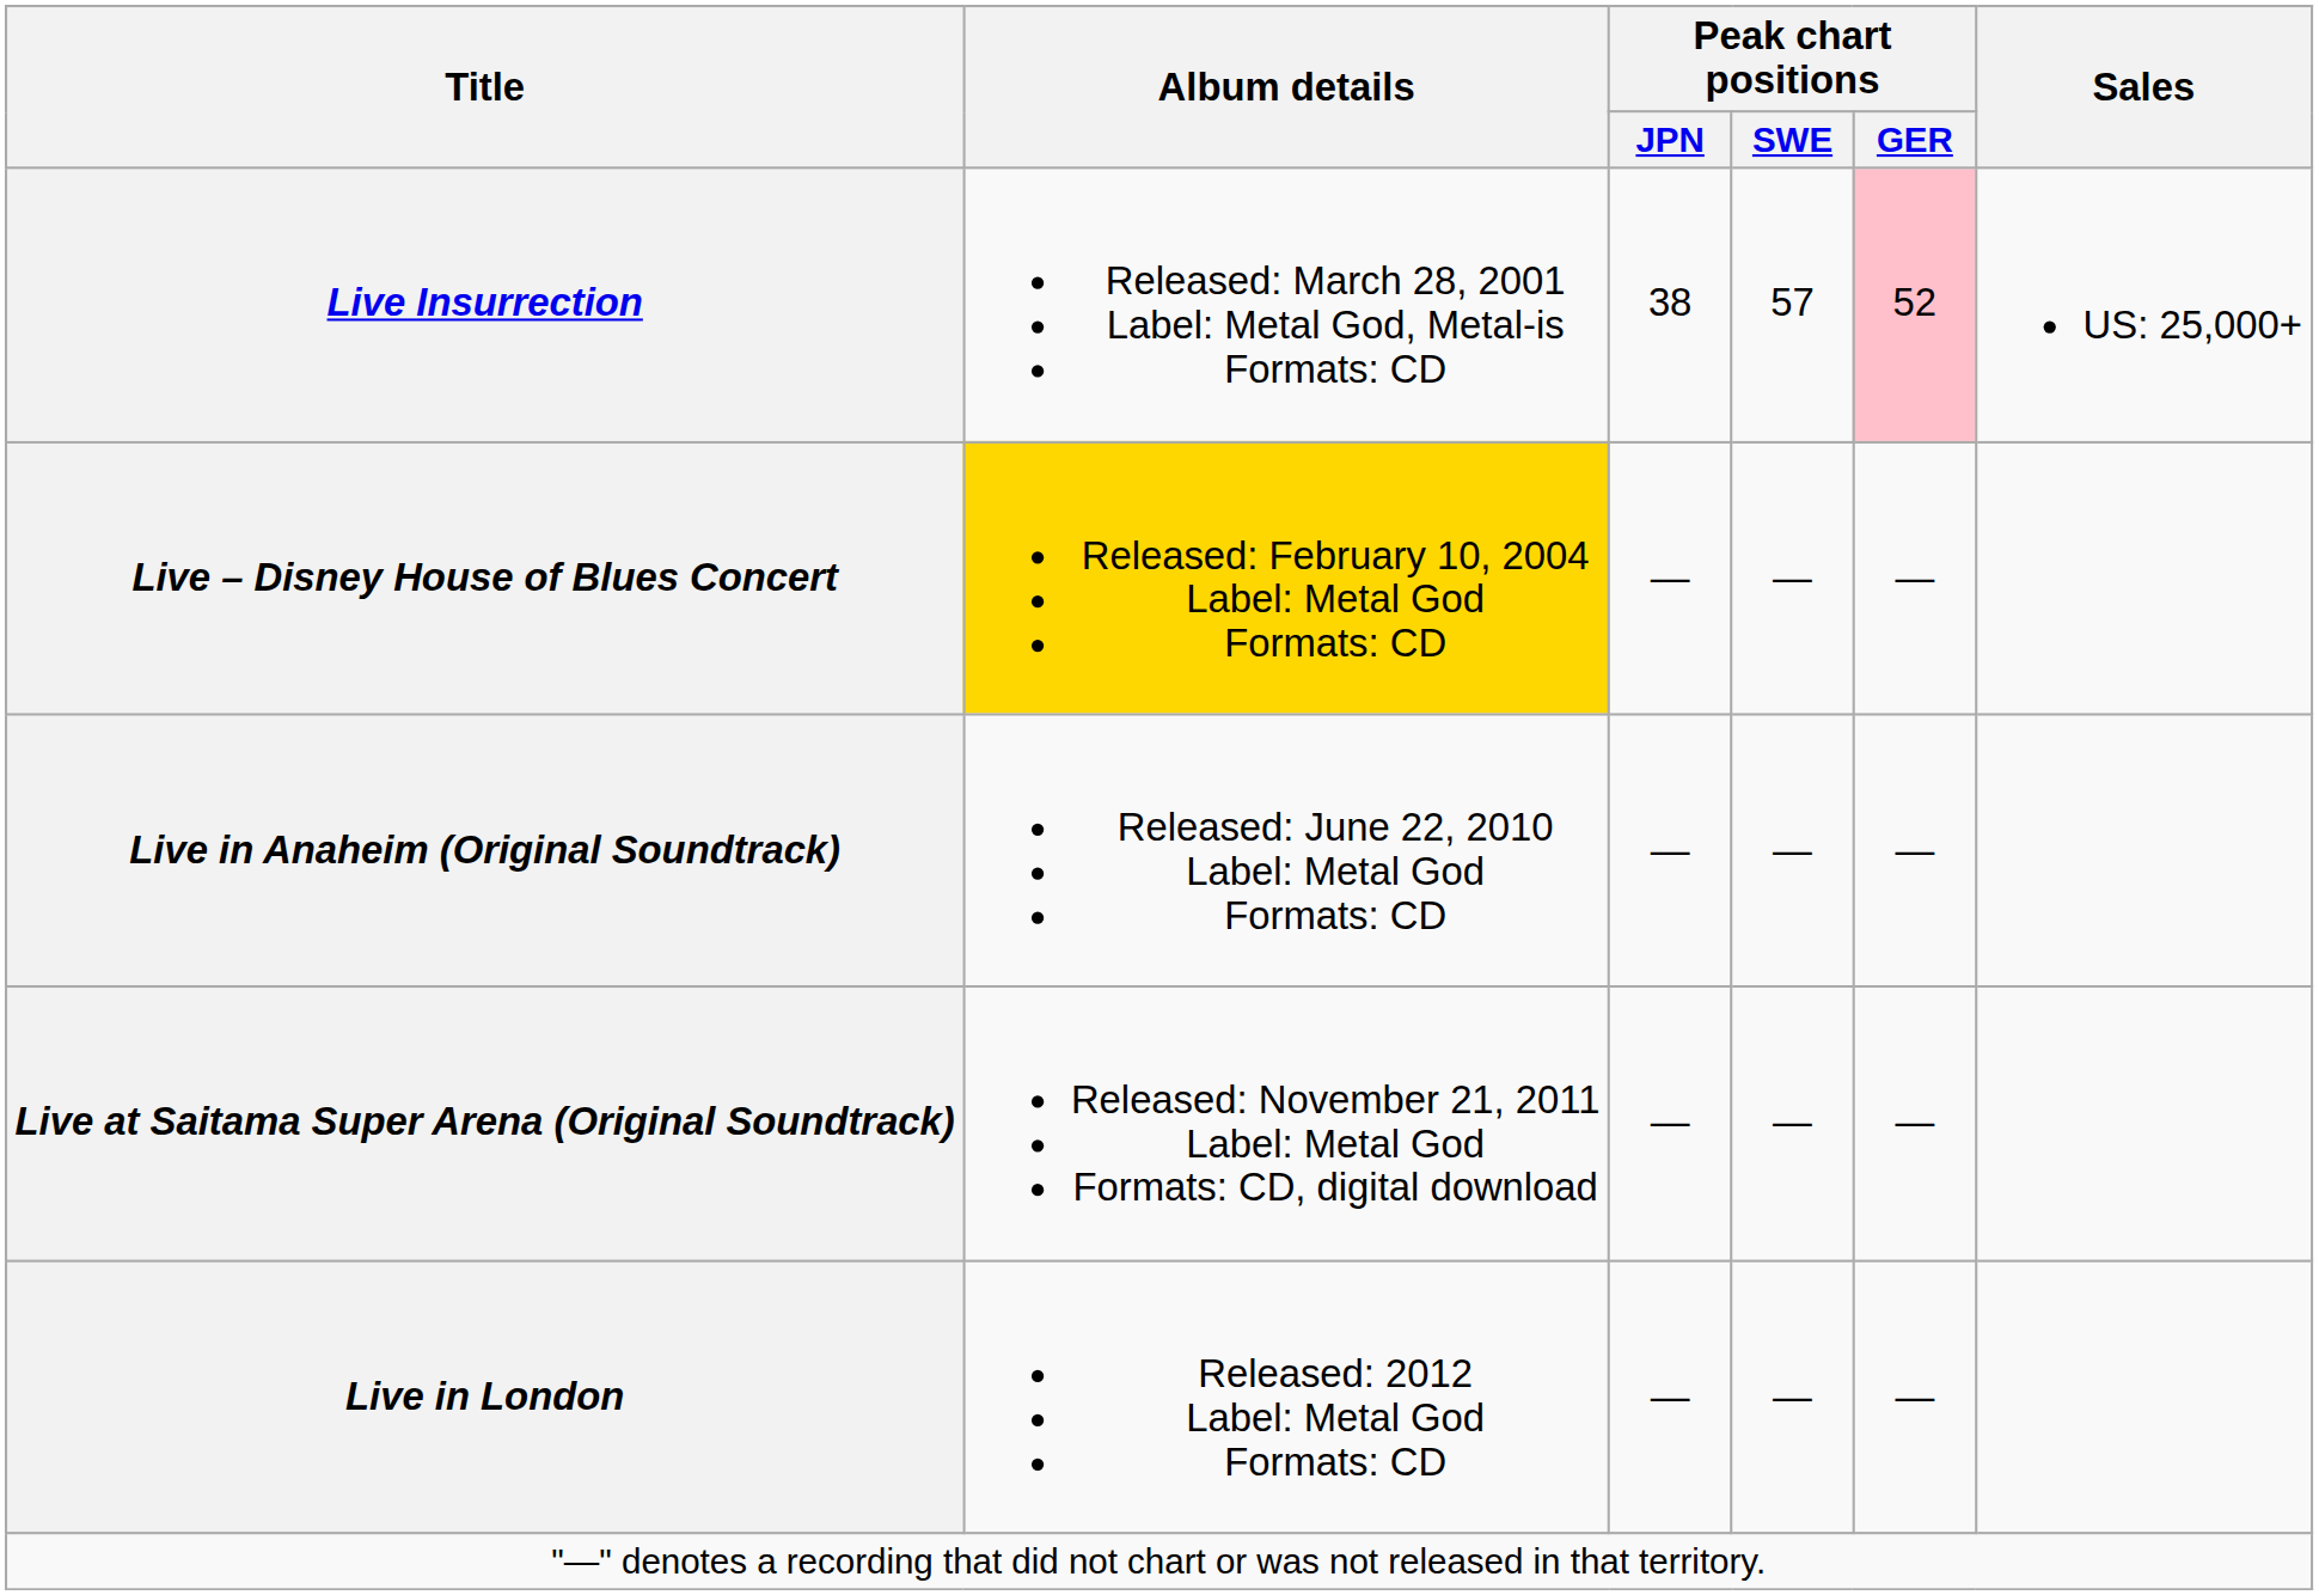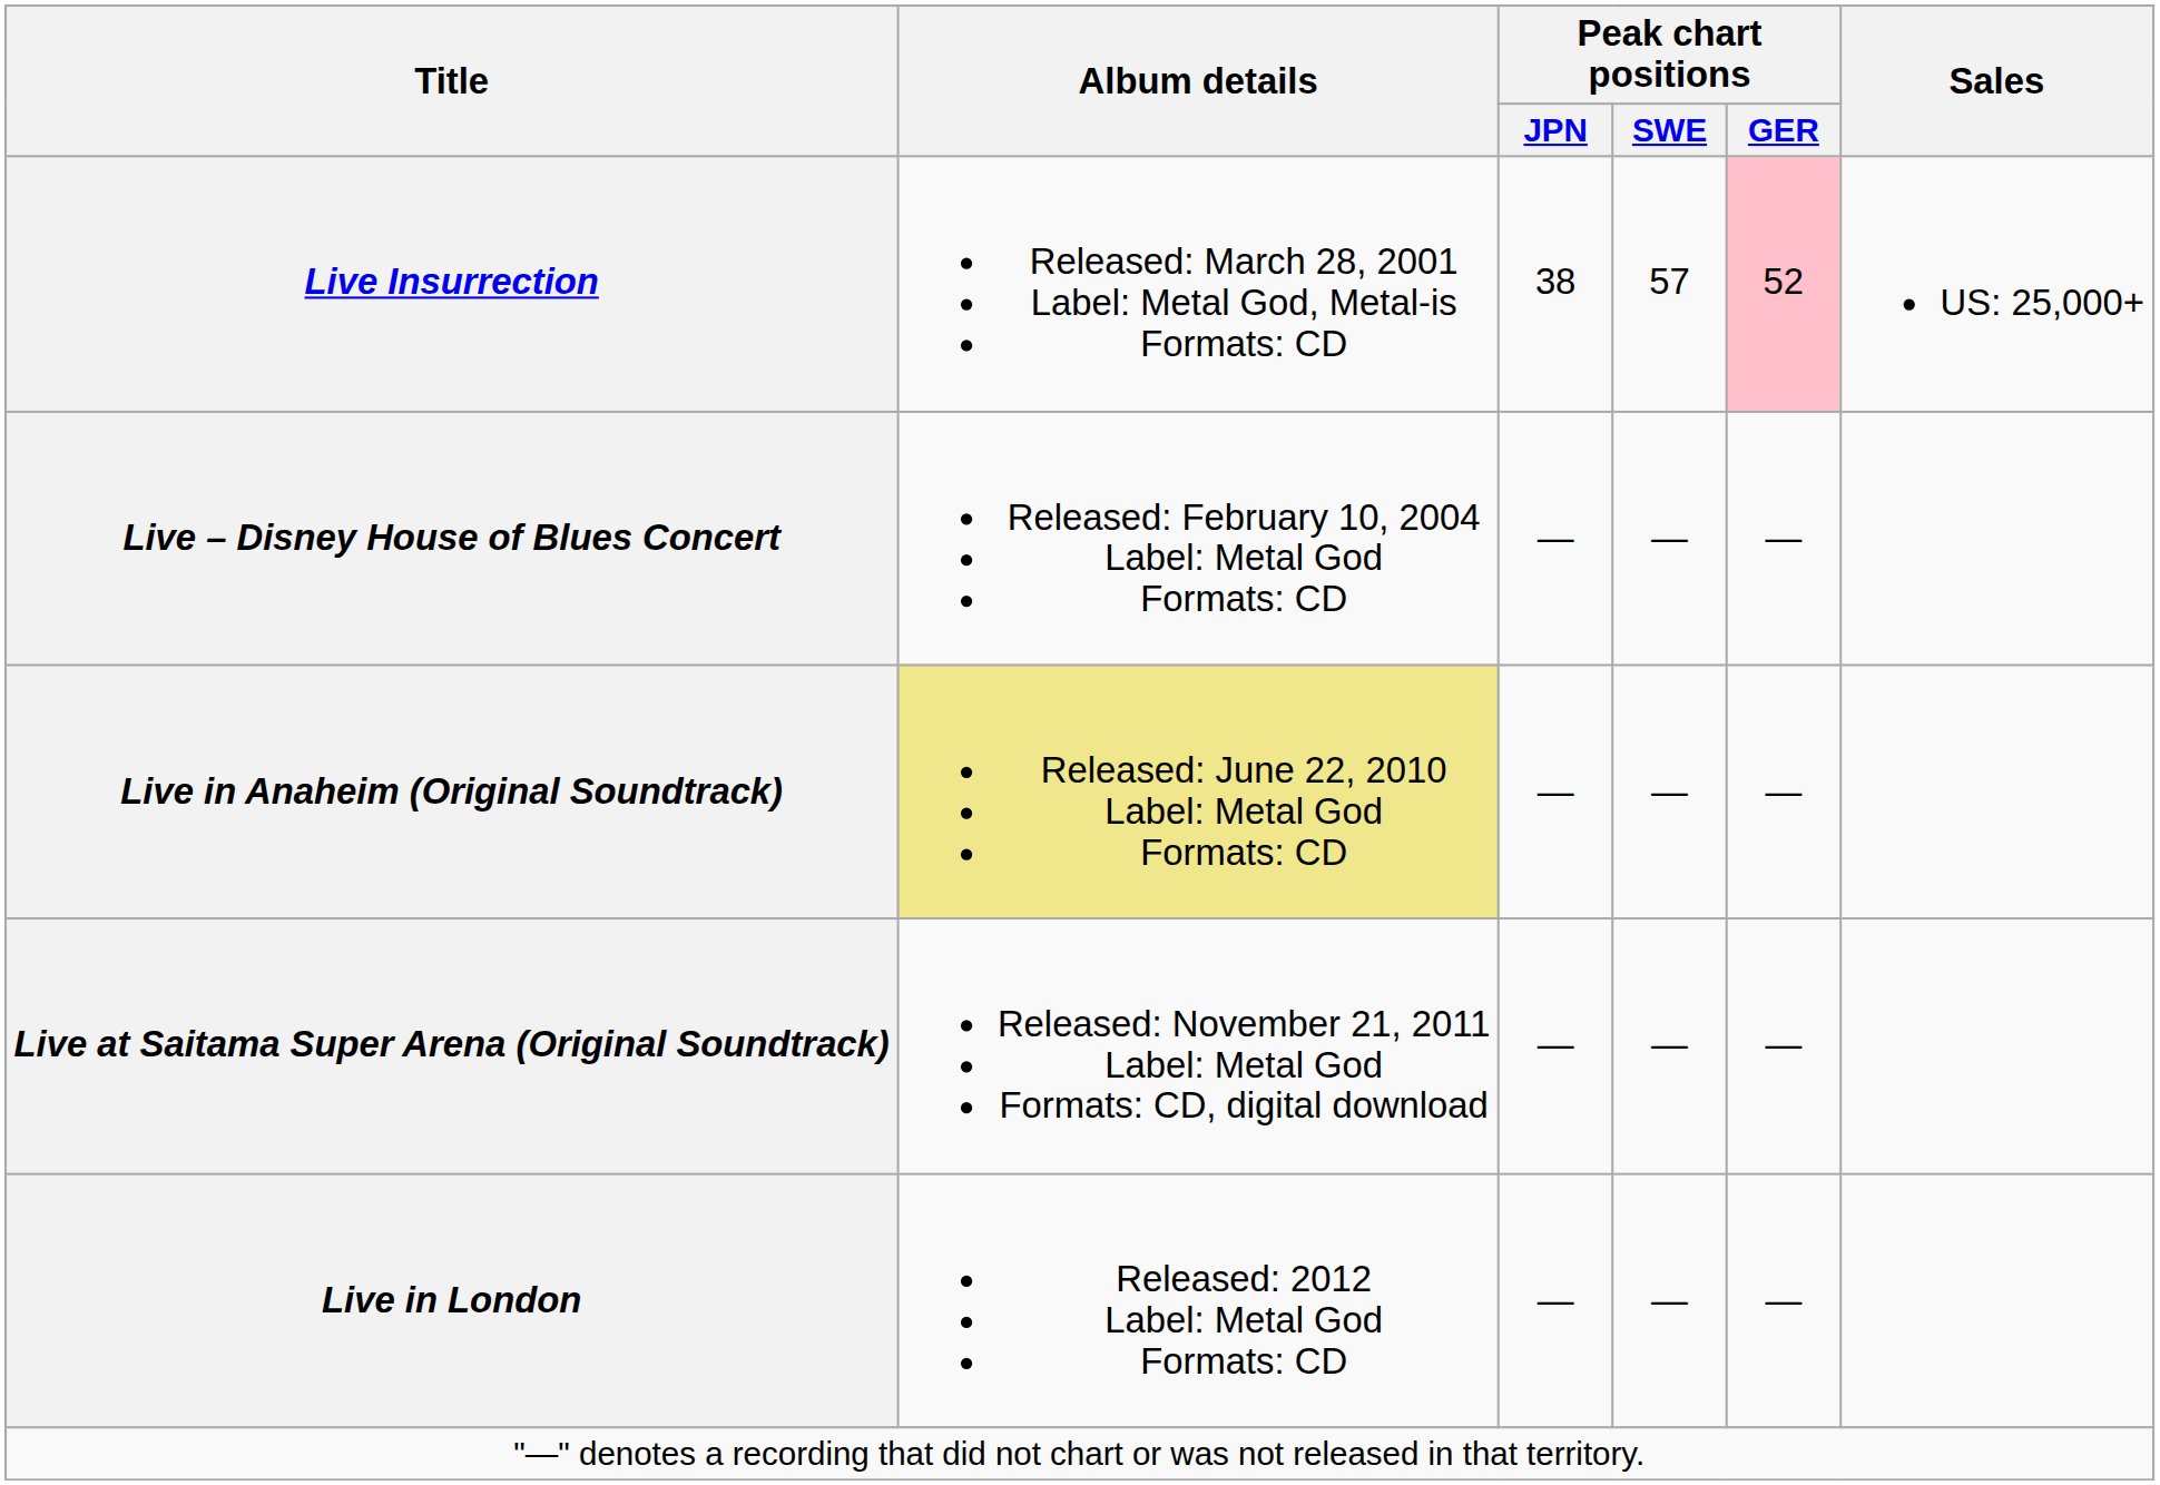 <table class="wikitable plainrowheaders" style="text-align:center;">
 <tr>
 <th scope="col" rowspan="2">Title</th>
 <th scope="col" rowspan="2">Album details</th>
 <th scope="col" colspan="3">Peak chart positions</th>
 <th scope="col" rowspan="2">Sales</th>
 </tr>
 <tr>
 <th scope="col" style="width:3em;font-size:90%;"><a href='#'>JPN</a><br></th>
 <th scope="col" style="width:3em;font-size:90%;"><a href='#'>SWE</a><br></th>
 <th scope="col" style="width:3em;font-size:90%;"><a href='#'>GER</a><br></th>
 </tr>
 <tr>
 <th scope="row"><em><a href='#'>Live Insurrection</a></em></th>
 <td><br><ul><li>Released: March 28, 2001</li><li>Label: Metal God, Metal-is</li><li>Formats: CD</li></ul></td>
 <td>38</td>
 <td>57</td>
 <td style="background: pink;">52</td>
 <td><br><ul><li>US: 25,000+</li></ul></td>
 </tr>
 <tr>
 <th scope="row"><em>Live – Disney House of Blues Concert</em></th>
-<td style="background: gold;"><br><ul><li>Released: February 10, 2004</li><li>Label: Metal God</li><li>Formats: CD</li></ul></td>
+<td><br><ul><li>Released: February 10, 2004</li><li>Label: Metal God</li><li>Formats: CD</li></ul></td>
 <td>—</td>
 <td>—</td>
 <td>—</td>
 <td></td>
 </tr>
 <tr>
 <th scope="row"><em>Live in Anaheim (Original Soundtrack)</em></th>
-<td><br><ul><li>Released: June 22, 2010</li><li>Label: Metal God</li><li>Formats: CD</li></ul></td>
+<td style="background: khaki;"><br><ul><li>Released: June 22, 2010</li><li>Label: Metal God</li><li>Formats: CD</li></ul></td>
 <td>—</td>
 <td>—</td>
 <td>—</td>
 <td></td>
 </tr>
 <tr>
 <th scope="row"><em>Live at Saitama Super Arena (Original Soundtrack)</em></th>
 <td><br><ul><li>Released: November 21, 2011</li><li>Label: Metal God</li><li>Formats: CD, digital download</li></ul></td>
 <td>—</td>
 <td>—</td>
 <td>—</td>
 <td></td>
 </tr>
 <tr>
 <th scope="row"><em>Live in London</em></th>
 <td><br><ul><li>Released: 2012</li><li>Label: Metal God</li><li>Formats: CD</li></ul></td>
 <td>—</td>
 <td>—</td>
 <td>—</td>
 <td></td>
 </tr>
 <tr>
 <td colspan="15" style="font-size:90%">"—" denotes a recording that did not chart or was not released in that territory.</td>
 </tr>
 </table>
